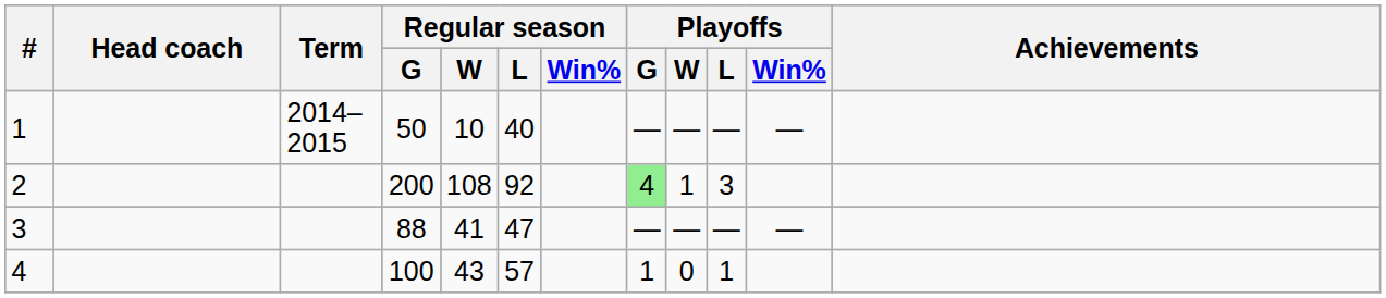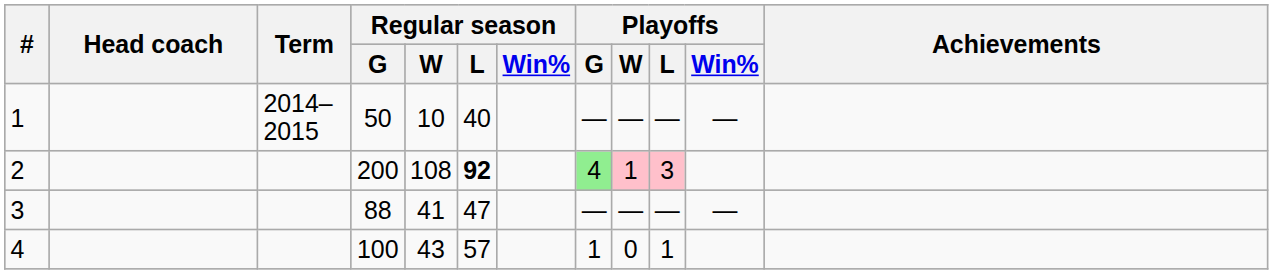 <table class="wikitable sortable" style="font-size:95%; text-align:center">
 <tr>
 <th scope="col" style="width:20px" rowspan="2">#</th>
 <th scope="col" style="width:120px" rowspan="2">Head coach</th>
 <th scope="col" style="width:50px" rowspan="2">Term</th>
 <th scope="col" style="width:80px" colspan="4">Regular season</th>
 <th scope="col" style="width:80px" colspan="4">Playoffs</th>
 <th scope="col" style="width:300px" rowspan="2">Achievements</th>
 </tr>
 <tr>
 <th>G</th>
 <th>W</th>
 <th>L</th>
 <th><a href='#'>Win%</a></th>
 <th>G</th>
 <th>W</th>
 <th>L</th>
 <th><a href='#'>Win%</a></th>
 </tr>
 <tr>
 <td align=left>1</td>
 <td align=left></td>
 <td align=left>2014–2015</td>
 <td>50</td>
 <td>10</td>
 <td>40</td>
 <td></td>
 <td>—</td>
 <td>—</td>
 <td>—</td>
 <td>—</td>
 <td align=left></td>
 </tr>
 <tr>
 <td align=left>2</td>
 <td align=left></td>
 <td align=left></td>
 <td>200</td>
 <td>108</td>
-<td>92</td>
+<td><strong>92</strong></td>
 <td></td>
 <td style="background: lightgreen;">4</td>
-<td>1</td>
-<td>3</td>
+<td style="background: pink;">1</td>
+<td style="background: pink;">3</td>
 <td></td>
 <td align=left></td>
 </tr>
 <tr>
 <td align=left>3</td>
 <td align=left></td>
 <td align=left></td>
 <td>88</td>
 <td>41</td>
 <td>47</td>
 <td></td>
 <td>—</td>
 <td>—</td>
 <td>—</td>
 <td>—</td>
 <td align=left></td>
 </tr>
 <tr>
 <td align=left>4</td>
 <td align=left></td>
 <td align=left></td>
 <td>100</td>
 <td>43</td>
 <td>57</td>
 <td></td>
 <td>1</td>
 <td>0</td>
 <td>1</td>
 <td></td>
 <td align=left></td>
 </tr>
 </table>
